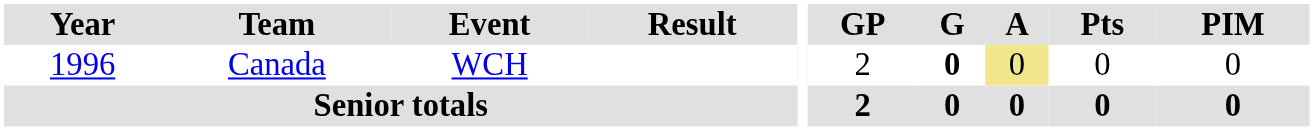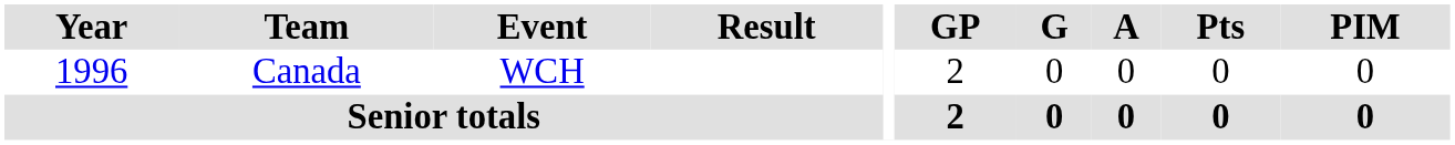 <table border="0" cellpadding="1" cellspacing="0" ID="Table3" style="text-align:center; width:40em">
 <tr ALIGN="center" bgcolor="#e0e0e0">
 <th>Year</th>
 <th>Team</th>
 <th>Event</th>
 <th>Result</th>
 <th rowspan="99" bgcolor="#ffffff"></th>
 <th>GP</th>
 <th>G</th>
 <th>A</th>
 <th>Pts</th>
 <th>PIM</th>
 </tr>
 <tr>
 <td><a href='#'>1996</a></td>
 <td><a href='#'>Canada</a></td>
 <td><a href='#'>WCH</a></td>
 <td></td>
 <td>2</td>
-<td><strong>0</strong></td>
-<td style="background: khaki;">0</td>
+<td>0</td>
+<td>0</td>
 <td>0</td>
 <td>0</td>
 </tr>
 <tr bgcolor="#e0e0e0">
 <th colspan="4">Senior totals</th>
 <th>2</th>
 <th>0</th>
 <th>0</th>
 <th>0</th>
 <th>0</th>
 </tr>
 </table>
